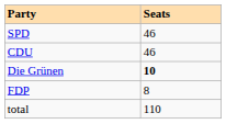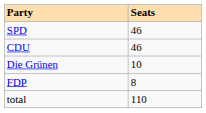 <table class="wikitable">
 <tr>
 <th style="background:#ffdead; width:175px; text-align:left;">Party</th>
 <th style="background:#ffdead; width:100px; text-align:left;">Seats</th>
 </tr>
 <tr>
 <td><a href='#'>SPD</a></td>
 <td>46</td>
 </tr>
 <tr>
 <td><a href='#'>CDU</a></td>
 <td>46</td>
 </tr>
 <tr>
 <td><a href='#'>Die Grünen</a></td>
-<td><strong>10</strong></td>
+<td>10</td>
 </tr>
 <tr>
 <td><a href='#'>FDP</a></td>
 <td>8</td>
 </tr>
 <tr>
 <td>total</td>
 <td>110</td>
 </tr>
 </table>
